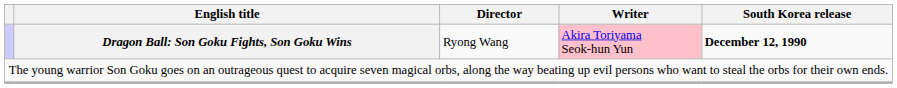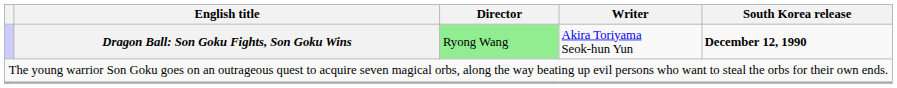 <table class="wikitable plainrowheaders">
 <tr>
 <th></th>
 <th>English title<br><em></em></th>
 <th>Director</th>
 <th>Writer</th>
 <th>South Korea release</th>
 </tr>
 <tr>
 <td scope=row style="text-align:center; background-color:#ccccff;"></td>
 <th scope="row"><em>Dragon Ball: Son Goku Fights, Son Goku Wins</em><br><em></em></th>
-<td>Ryong Wang</td>
-<td style="background: pink;"><a href='#'>Akira Toriyama</a><br>Seok-hun Yun</td>
+<td style="background: lightgreen;">Ryong Wang</td>
+<td><a href='#'>Akira Toriyama</a><br>Seok-hun Yun</td>
 <td><strong>December 12, 1990</strong></td>
 </tr>
 <tr>
 <td colspan="5" style="border-bottom-width:3px; padding:5px;">The young warrior Son Goku goes on an outrageous quest to acquire seven magical orbs, along the way beating up evil persons who want to steal the orbs for their own ends.</td>
 </tr>
 </table>
